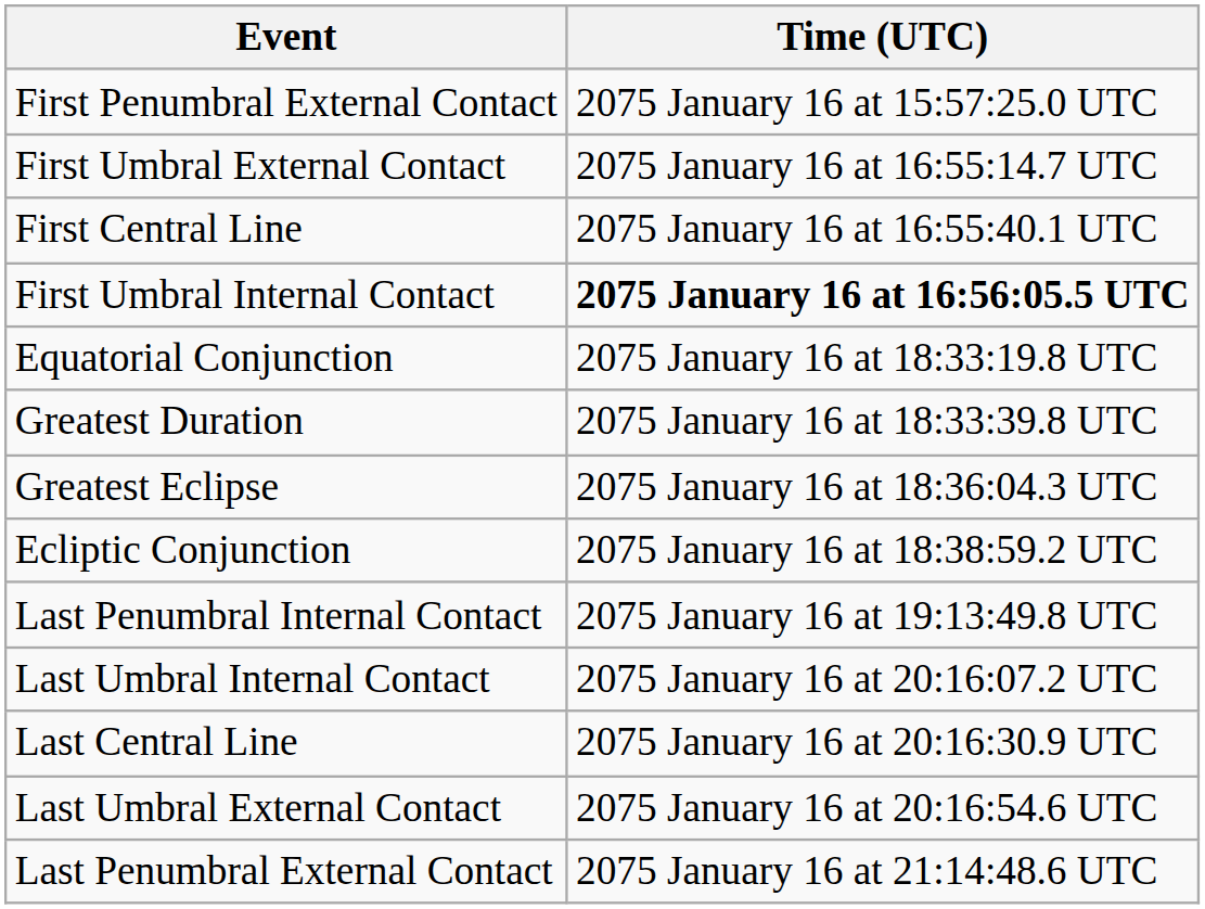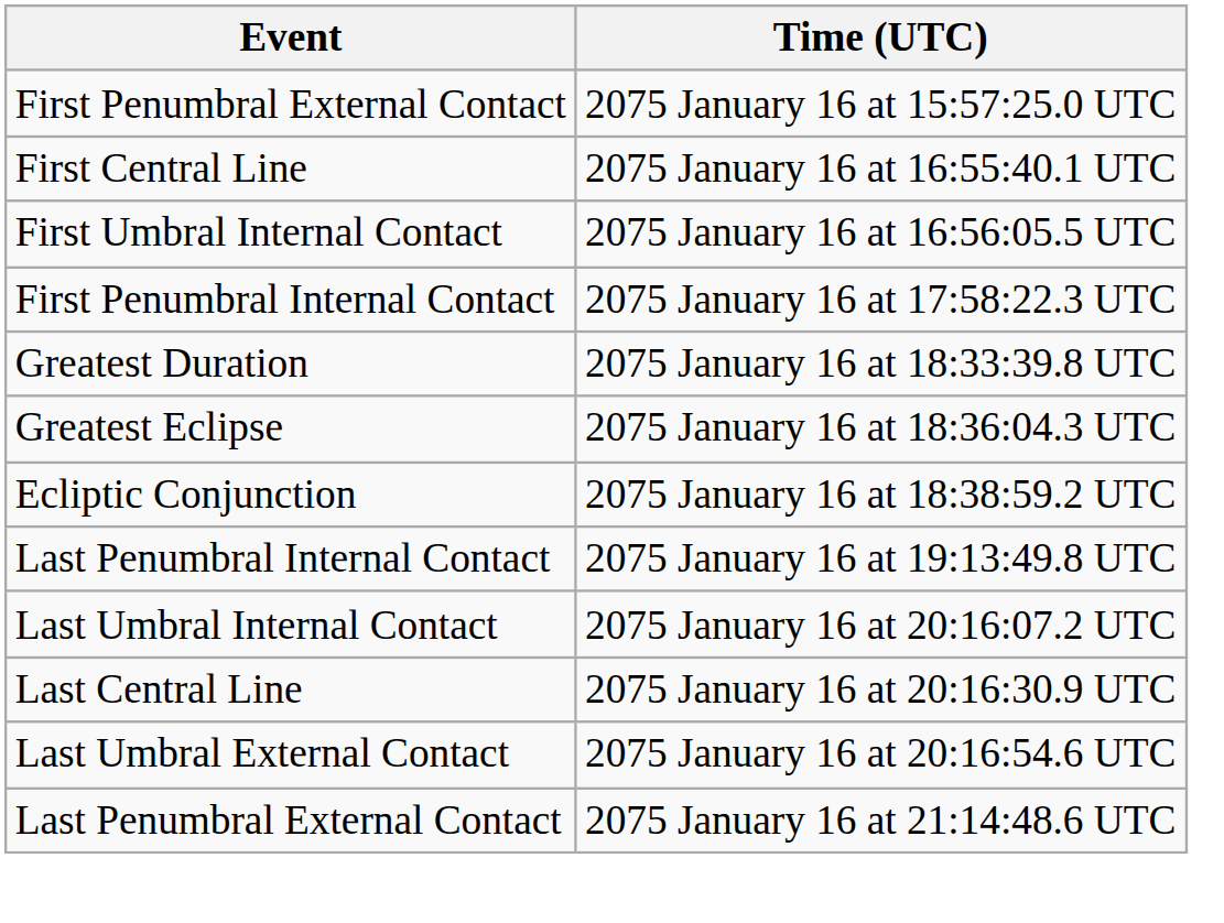 <table class="wikitable">
 <tr>
 <th>Event</th>
 <th>Time (UTC)</th>
 </tr>
 <tr>
 <td>First Penumbral External Contact</td>
 <td>2075 January 16 at 15:57:25.0 UTC</td>
 </tr>
 <tr>
-<td>First Umbral External Contact</td>
-<td>2075 January 16 at 16:55:14.7 UTC</td>
-</tr>
-<tr>
 <td>First Central Line</td>
 <td>2075 January 16 at 16:55:40.1 UTC</td>
 </tr>
 <tr>
 <td>First Umbral Internal Contact</td>
-<td><strong>2075 January 16 at 16:56:05.5 UTC</strong></td>
+<td>2075 January 16 at 16:56:05.5 UTC</td>
 </tr>
 <tr>
-<td>Equatorial Conjunction</td>
-<td>2075 January 16 at 18:33:19.8 UTC</td>
+<td>First Penumbral Internal Contact</td>
+<td>2075 January 16 at 17:58:22.3 UTC</td>
 </tr>
 <tr>
 <td>Greatest Duration</td>
 <td>2075 January 16 at 18:33:39.8 UTC</td>
 </tr>
 <tr>
 <td>Greatest Eclipse</td>
 <td>2075 January 16 at 18:36:04.3 UTC</td>
 </tr>
 <tr>
 <td>Ecliptic Conjunction</td>
 <td>2075 January 16 at 18:38:59.2 UTC</td>
 </tr>
 <tr>
 <td>Last Penumbral Internal Contact</td>
 <td>2075 January 16 at 19:13:49.8 UTC</td>
 </tr>
 <tr>
 <td>Last Umbral Internal Contact</td>
 <td>2075 January 16 at 20:16:07.2 UTC</td>
 </tr>
 <tr>
 <td>Last Central Line</td>
 <td>2075 January 16 at 20:16:30.9 UTC</td>
 </tr>
 <tr>
 <td>Last Umbral External Contact</td>
 <td>2075 January 16 at 20:16:54.6 UTC</td>
 </tr>
 <tr>
 <td>Last Penumbral External Contact</td>
 <td>2075 January 16 at 21:14:48.6 UTC</td>
 </tr>
 </table>
